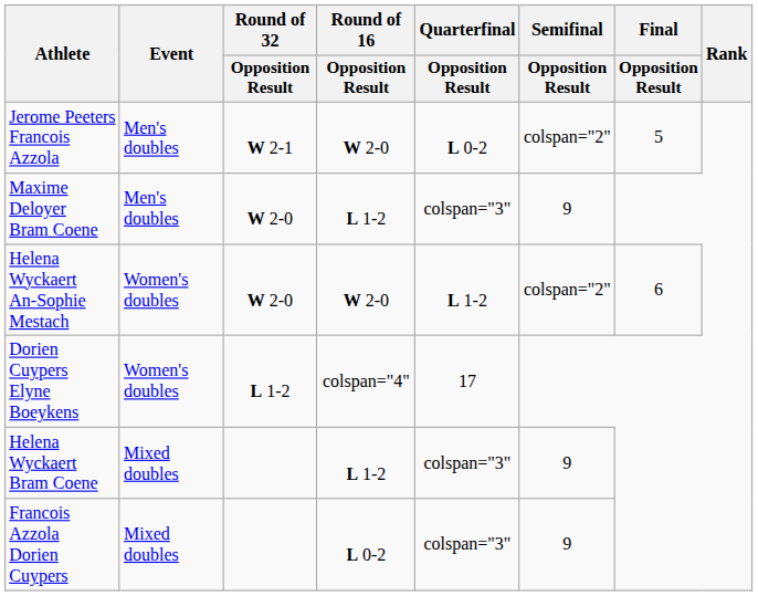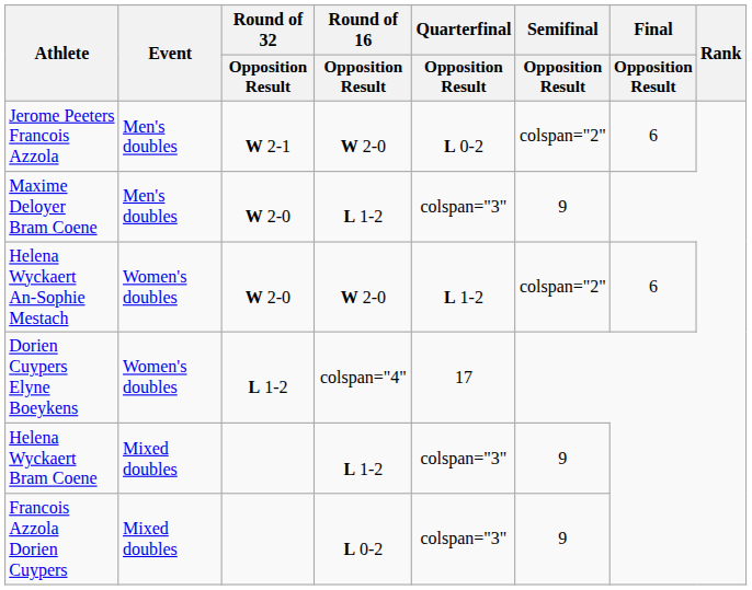 <table class="wikitable" style="text-align:center; font-size:90%">
 <tr>
 <th rowspan="2">Athlete</th>
 <th rowspan="2">Event</th>
 <th>Round of 32</th>
 <th>Round of 16</th>
 <th>Quarterfinal</th>
 <th>Semifinal</th>
 <th>Final</th>
 <th rowspan="2">Rank</th>
 </tr>
 <tr style="font-size:95%">
 <th>Opposition<br>Result</th>
 <th>Opposition<br>Result</th>
 <th>Opposition<br>Result</th>
 <th>Opposition<br>Result</th>
 <th>Opposition<br>Result</th>
 </tr>
 <tr>
 <td align="left"><a href='#'>Jerome Peeters</a><br><a href='#'>Francois Azzola</a></td>
 <td align="left"><a href='#'>Men's doubles</a></td>
 <td><br><strong>W</strong> 2-1</td>
 <td><br><strong>W</strong> 2-0</td>
 <td><br><strong>L</strong> 0-2</td>
 <td>colspan="2" </td>
-<td>5</td>
+<td>6</td>
 </tr>
 <tr>
 <td align="left"><a href='#'>Maxime Deloyer</a><br><a href='#'>Bram Coene</a></td>
 <td align="left"><a href='#'>Men's doubles</a></td>
 <td><br><strong>W</strong> 2-0</td>
 <td><br><strong>L</strong> 1-2</td>
 <td>colspan="3" </td>
 <td>9</td>
 </tr>
 <tr>
 <td align="left"><a href='#'>Helena Wyckaert</a><br><a href='#'>An-Sophie Mestach</a></td>
 <td align="left"><a href='#'>Women's doubles</a></td>
 <td><br><strong>W</strong> 2-0</td>
 <td><br><strong>W</strong> 2-0</td>
 <td><br><strong>L</strong> 1-2</td>
 <td>colspan="2" </td>
 <td>6</td>
 </tr>
 <tr>
 <td align="left"><a href='#'>Dorien Cuypers</a><br><a href='#'>Elyne Boeykens</a></td>
 <td align="left"><a href='#'>Women's doubles</a></td>
 <td><br><strong>L</strong> 1-2</td>
 <td>colspan="4" </td>
 <td>17</td>
 </tr>
 <tr>
 <td align="left"><a href='#'>Helena Wyckaert</a><br><a href='#'>Bram Coene</a></td>
 <td align="left"><a href='#'>Mixed doubles</a></td>
 <td></td>
 <td><br><strong>L</strong> 1-2</td>
 <td>colspan="3" </td>
 <td>9</td>
 </tr>
 <tr>
 <td align="left"><a href='#'>Francois Azzola</a><br><a href='#'>Dorien Cuypers</a></td>
 <td align="left"><a href='#'>Mixed doubles</a></td>
 <td></td>
 <td><br><strong>L</strong> 0-2</td>
 <td>colspan="3" </td>
 <td>9</td>
 </tr>
 </table>
